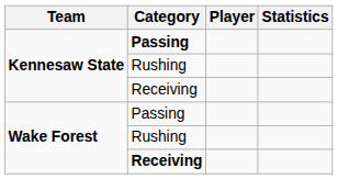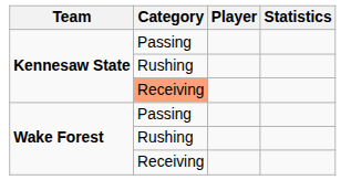 <table class="wikitable" style="float: right;">
 <tr>
 <th>Team</th>
 <th>Category</th>
 <th>Player</th>
 <th>Statistics</th>
 </tr>
 <tr>
 <td rowspan=3><strong>Kennesaw State</strong></td>
-<td><strong>Passing</strong></td>
+<td>Passing</td>
 <td></td>
 <td></td>
 </tr>
 <tr>
 <td>Rushing</td>
 <td></td>
 <td></td>
 </tr>
 <tr>
-<td>Receiving</td>
+<td style="background: lightsalmon;">Receiving</td>
 <td></td>
 <td></td>
 </tr>
 <tr>
 <td rowspan=3><strong>Wake Forest</strong></td>
 <td>Passing</td>
 <td></td>
 <td></td>
 </tr>
 <tr>
 <td>Rushing</td>
 <td></td>
 <td></td>
 </tr>
 <tr>
-<td><strong>Receiving</strong></td>
+<td>Receiving</td>
 <td></td>
 <td></td>
 </tr>
 </table>
